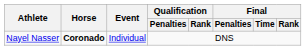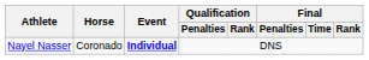 <table class="wikitable" style="font-size:90%">
 <tr>
 <th rowspan="2">Athlete</th>
 <th rowspan="2">Horse</th>
 <th rowspan="2">Event</th>
 <th colspan="2">Qualification</th>
 <th colspan="3">Final</th>
 </tr>
 <tr style="font-size:95%">
 <th>Penalties</th>
 <th>Rank</th>
 <th>Penalties</th>
 <th>Time</th>
 <th>Rank</th>
 </tr>
 <tr align=center>
 <td align=left><a href='#'>Nayel Nasser</a></td>
-<td align=left><strong>Coronado</strong></td>
-<td align=left><a href='#'>Individual</a></td>
+<td align=left>Coronado</td>
+<td align=left><strong><a href='#'>Individual</a></strong></td>
 <td colspan="5">DNS</td>
 </tr>
 </table>
